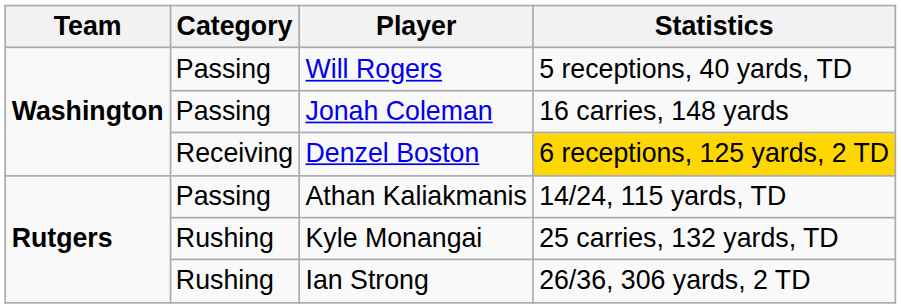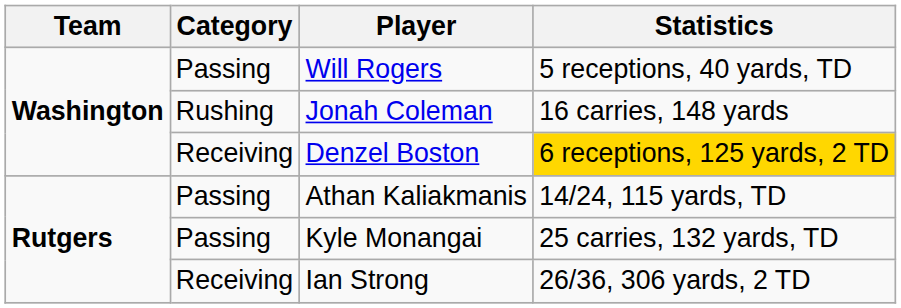 <table class="wikitable" style="float: right;">
 <tr>
 <th>Team</th>
 <th>Category</th>
 <th>Player</th>
 <th>Statistics</th>
 </tr>
 <tr>
 <td rowspan=3><strong>Washington</strong></td>
 <td>Passing</td>
 <td><a href='#'>Will Rogers</a></td>
 <td>5 receptions, 40 yards, TD</td>
 </tr>
 <tr>
-<td>Passing</td>
+<td>Rushing</td>
 <td><a href='#'>Jonah Coleman</a></td>
 <td>16 carries, 148 yards</td>
 </tr>
 <tr>
 <td>Receiving</td>
 <td><a href='#'>Denzel Boston</a></td>
 <td style="background: gold;">6 receptions, 125 yards, 2 TD</td>
 </tr>
 <tr>
 <td rowspan=3><strong>Rutgers</strong></td>
 <td>Passing</td>
 <td>Athan Kaliakmanis</td>
 <td>14/24, 115 yards, TD</td>
 </tr>
 <tr>
-<td>Rushing</td>
+<td>Passing</td>
 <td>Kyle Monangai</td>
 <td>25 carries, 132 yards, TD</td>
 </tr>
 <tr>
-<td>Rushing</td>
+<td>Receiving</td>
 <td>Ian Strong</td>
 <td>26/36, 306 yards, 2 TD</td>
 </tr>
 </table>
